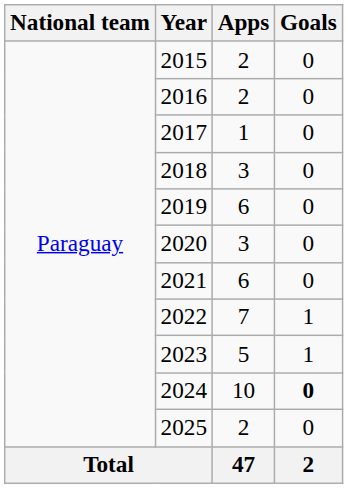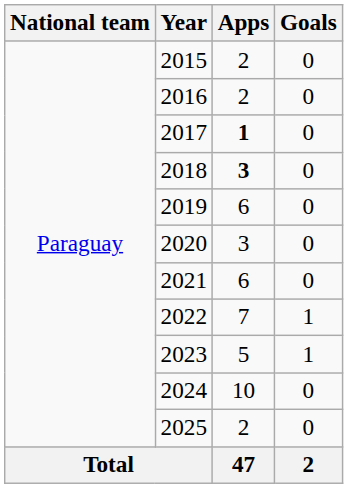 <table class=wikitable style=text-align:center>
 <tr>
 <th>National team</th>
 <th>Year</th>
 <th>Apps</th>
 <th>Goals</th>
 </tr>
 <tr>
 <td rowspan=11><a href='#'>Paraguay</a></td>
 <td>2015</td>
 <td>2</td>
 <td>0</td>
 </tr>
 <tr>
 <td>2016</td>
 <td>2</td>
 <td>0</td>
 </tr>
 <tr>
 <td>2017</td>
-<td>1</td>
+<td><strong>1</strong></td>
 <td>0</td>
 </tr>
 <tr>
 <td>2018</td>
-<td>3</td>
+<td><strong>3</strong></td>
 <td>0</td>
 </tr>
 <tr>
 <td>2019</td>
 <td>6</td>
 <td>0</td>
 </tr>
 <tr>
 <td>2020</td>
 <td>3</td>
 <td>0</td>
 </tr>
 <tr>
 <td>2021</td>
 <td>6</td>
 <td>0</td>
 </tr>
 <tr>
 <td>2022</td>
 <td>7</td>
 <td>1</td>
 </tr>
 <tr>
 <td>2023</td>
 <td>5</td>
 <td>1</td>
 </tr>
 <tr>
 <td>2024</td>
 <td>10</td>
-<td><strong>0</strong></td>
+<td>0</td>
 </tr>
 <tr>
 <td>2025</td>
 <td>2</td>
 <td>0</td>
 </tr>
 <tr>
 <th colspan=2>Total</th>
 <th>47</th>
 <th>2</th>
 </tr>
 </table>
